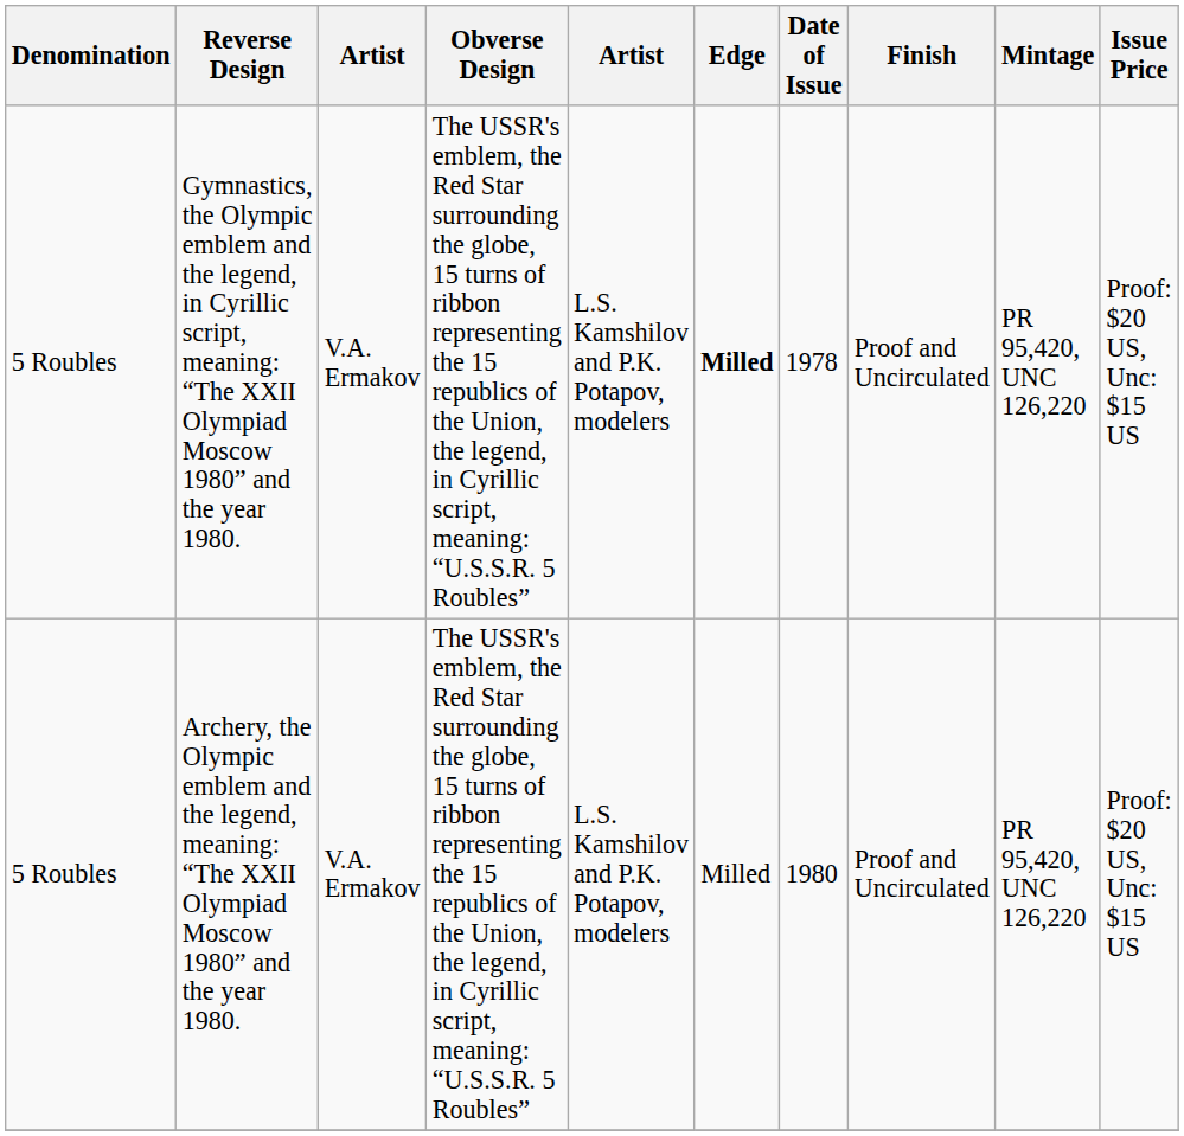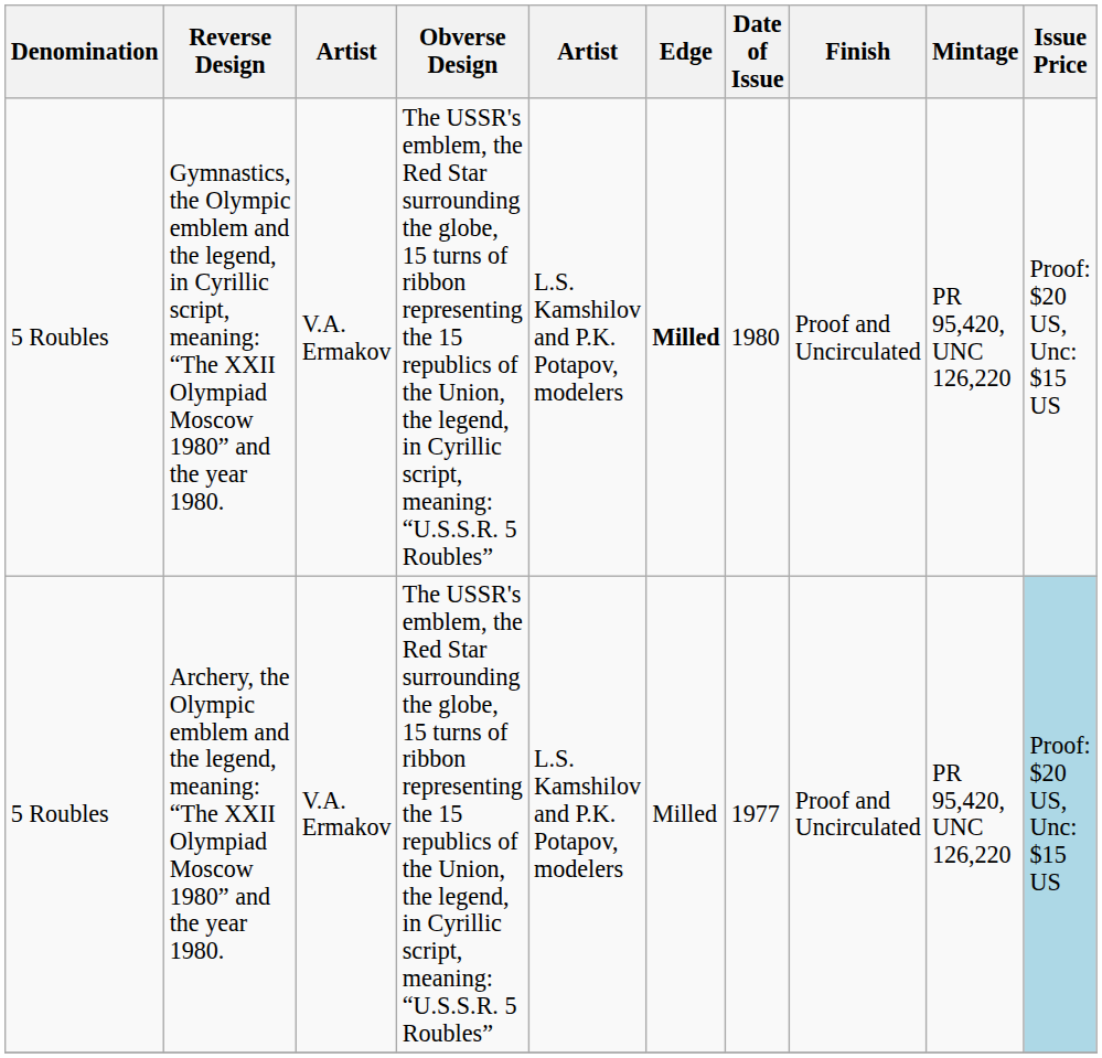 <table class="wikitable">
 <tr>
 <th>Denomination</th>
 <th>Reverse Design</th>
 <th>Artist</th>
 <th>Obverse Design</th>
 <th>Artist</th>
 <th>Edge</th>
 <th>Date of Issue</th>
 <th>Finish</th>
 <th>Mintage</th>
 <th>Issue Price</th>
 </tr>
 <tr>
 <td>5 Roubles</td>
 <td>Gymnastics, the Olympic emblem and the legend, in Cyrillic script, meaning: “The XXII Olympiad Moscow 1980” and the year 1980.</td>
 <td>V.A. Ermakov</td>
 <td>The USSR's emblem, the Red Star surrounding the globe, 15 turns of ribbon representing the 15 republics of the Union, the legend, in Cyrillic script, meaning: “U.S.S.R. 5 Roubles”</td>
 <td>L.S. Kamshilov and P.K. Potapov, modelers</td>
 <td><strong>Milled</strong></td>
-<td>1978</td>
+<td>1980</td>
 <td>Proof and Uncirculated</td>
 <td>PR 95,420, UNC 126,220</td>
 <td>Proof: $20 US, Unc: $15 US</td>
 </tr>
 <tr>
 <td>5 Roubles</td>
 <td>Archery, the Olympic emblem and the legend, meaning: “The XXII Olympiad Moscow 1980” and the year 1980.</td>
 <td>V.A. Ermakov</td>
 <td>The USSR's emblem, the Red Star surrounding the globe, 15 turns of ribbon representing the 15 republics of the Union, the legend, in Cyrillic script, meaning: “U.S.S.R. 5 Roubles”</td>
 <td>L.S. Kamshilov and P.K. Potapov, modelers</td>
 <td>Milled</td>
-<td>1980</td>
+<td>1977</td>
 <td>Proof and Uncirculated</td>
 <td>PR 95,420, UNC 126,220</td>
-<td>Proof: $20 US, Unc: $15 US</td>
+<td style="background: lightblue;">Proof: $20 US, Unc: $15 US</td>
 </tr>
 <tr>
 </tr>
 </table>
